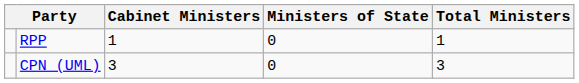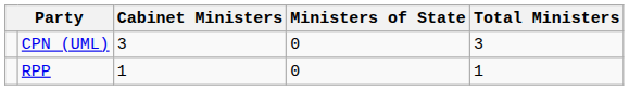 <table class="wikitable">
 <tr>
 <th colspan="2">Party</th>
 <th>Cabinet Ministers</th>
 <th>Ministers of State</th>
 <th>Total Ministers</th>
 </tr>
 <tr>
 <td width="4px"></td>
+<td><a href='#'>CPN (UML)</a></td>
+<td>3</td>
+<td>0</td>
+<td>3</td>
+</tr>
+<tr>
+<td width="4px"></td>
 <td><a href='#'>RPP</a></td>
 <td>1</td>
 <td>0</td>
 <td>1</td>
 </tr>
-<tr>
-<td width="4px"></td>
-<td><a href='#'>CPN (UML)</a></td>
-<td>3</td>
-<td>0</td>
-<td>3</td>
-</tr>
 </table>
